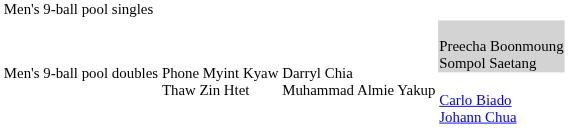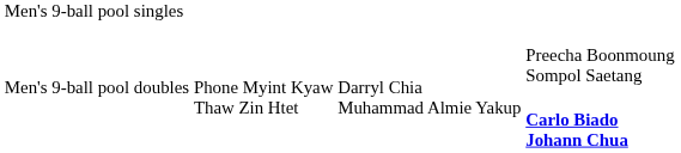 <table>
 <tr>
 <td rowspan=2>Men's 9-ball pool singles</td>
 <td rowspan=2></td>
 <td rowspan=2></td>
 <td></td>
 </tr>
 <tr>
 <td></td>
 </tr>
 <tr>
 <td rowspan=2>Men's 9-ball pool doubles</td>
 <td rowspan=2 nowrap><br>Phone Myint Kyaw<br>Thaw Zin Htet</td>
 <td rowspan=2 nowrap><br>Darryl Chia<br>Muhammad Almie Yakup</td>
-<td nowrap style="background: lightgrey;"><br>Preecha Boonmoung<br>Sompol Saetang</td>
+<td nowrap><br>Preecha Boonmoung<br>Sompol Saetang</td>
 </tr>
 <tr>
-<td><br><a href='#'>Carlo Biado</a><br><a href='#'>Johann Chua</a></td>
+<td><strong><br><a href='#'>Carlo Biado</a><br><a href='#'>Johann Chua</a></strong></td>
 </tr>
 </table>
